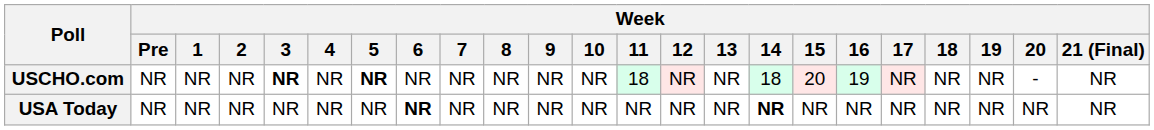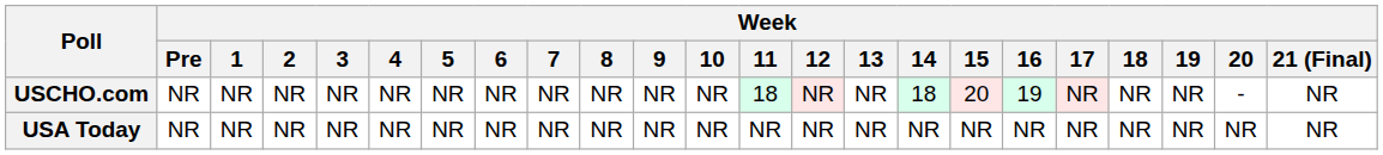 <table class="wikitable" style="white-space:nowrap;">
 <tr>
 <th scope="col" width="100" rowspan="2">Poll</th>
 <th colspan="25">Week</th>
 </tr>
 <tr>
 <th scope="col" width="30">Pre</th>
 <th scope="col" width="30">1</th>
 <th scope="col" width="30">2</th>
 <th scope="col" width="30">3</th>
 <th scope="col" width="30">4</th>
 <th scope="col" width="30">5</th>
 <th scope="col" width="30">6</th>
 <th scope="col" width="30">7</th>
 <th scope="col" width="30">8</th>
 <th scope="col" width="30">9</th>
 <th scope="col" width="30">10</th>
 <th scope="col" width="30">11</th>
 <th scope="col" width="30">12</th>
 <th scope="col" width="30">13</th>
 <th scope="col" width="30">14</th>
 <th scope="col" width="30">15</th>
 <th scope="col" width="30">16</th>
 <th scope="col" width="30">17</th>
 <th scope="col" width="30">18</th>
 <th scope="col" width="30">19</th>
 <th scope="col" width="30">20</th>
 <th scope="col" width="30">21 (Final)</th>
 </tr>
 <tr style="text-align:center;">
 <th>USCHO.com</th>
 <td bgcolor=FFFFFF>NR</td>
 <td bgcolor=FFFFFF>NR</td>
 <td bgcolor=FFFFFF>NR</td>
-<td bgcolor=FFFFFF><strong>NR</strong></td>
 <td bgcolor=FFFFFF>NR</td>
-<td bgcolor=FFFFFF><strong>NR</strong></td>
+<td bgcolor=FFFFFF>NR</td>
+<td bgcolor=FFFFFF>NR</td>
 <td bgcolor=FFFFFF>NR</td>
 <td bgcolor=FFFFFF>NR</td>
 <td bgcolor=FFFFFF>NR</td>
 <td bgcolor=FFFFFF>NR</td>
 <td bgcolor=FFFFFF>NR</td>
 <td bgcolor=D8FFEB>18</td>
 <td bgcolor=FFE6E6>NR</td>
 <td bgcolor=FFFFFF>NR</td>
 <td bgcolor=D8FFEB>18</td>
 <td bgcolor=FFE6E6>20</td>
 <td bgcolor=D8FFEB>19</td>
 <td bgcolor=FFE6E6>NR</td>
 <td bgcolor=FFFFFF>NR</td>
 <td bgcolor=FFFFFF>NR</td>
 <td bgcolor=FFFFFF>-</td>
 <td bgcolor=FFFFFF>NR</td>
 </tr>
 <tr style="text-align:center;">
 <th>USA Today</th>
 <td bgcolor=FFFFFF>NR</td>
 <td bgcolor=FFFFFF>NR</td>
 <td bgcolor=FFFFFF>NR</td>
 <td bgcolor=FFFFFF>NR</td>
 <td bgcolor=FFFFFF>NR</td>
 <td bgcolor=FFFFFF>NR</td>
-<td bgcolor=FFFFFF><strong>NR</strong></td>
 <td bgcolor=FFFFFF>NR</td>
 <td bgcolor=FFFFFF>NR</td>
 <td bgcolor=FFFFFF>NR</td>
 <td bgcolor=FFFFFF>NR</td>
 <td bgcolor=FFFFFF>NR</td>
 <td bgcolor=FFFFFF>NR</td>
 <td bgcolor=FFFFFF>NR</td>
-<td bgcolor=FFFFFF><strong>NR</strong></td>
+<td bgcolor=FFFFFF>NR</td>
+<td bgcolor=FFFFFF>NR</td>
 <td bgcolor=FFFFFF>NR</td>
 <td bgcolor=FFFFFF>NR</td>
 <td bgcolor=FFFFFF>NR</td>
 <td bgcolor=FFFFFF>NR</td>
 <td bgcolor=FFFFFF>NR</td>
 <td bgcolor=FFFFFF>NR</td>
 <td bgcolor=FFFFFF>NR</td>
 </tr>
 </table>
